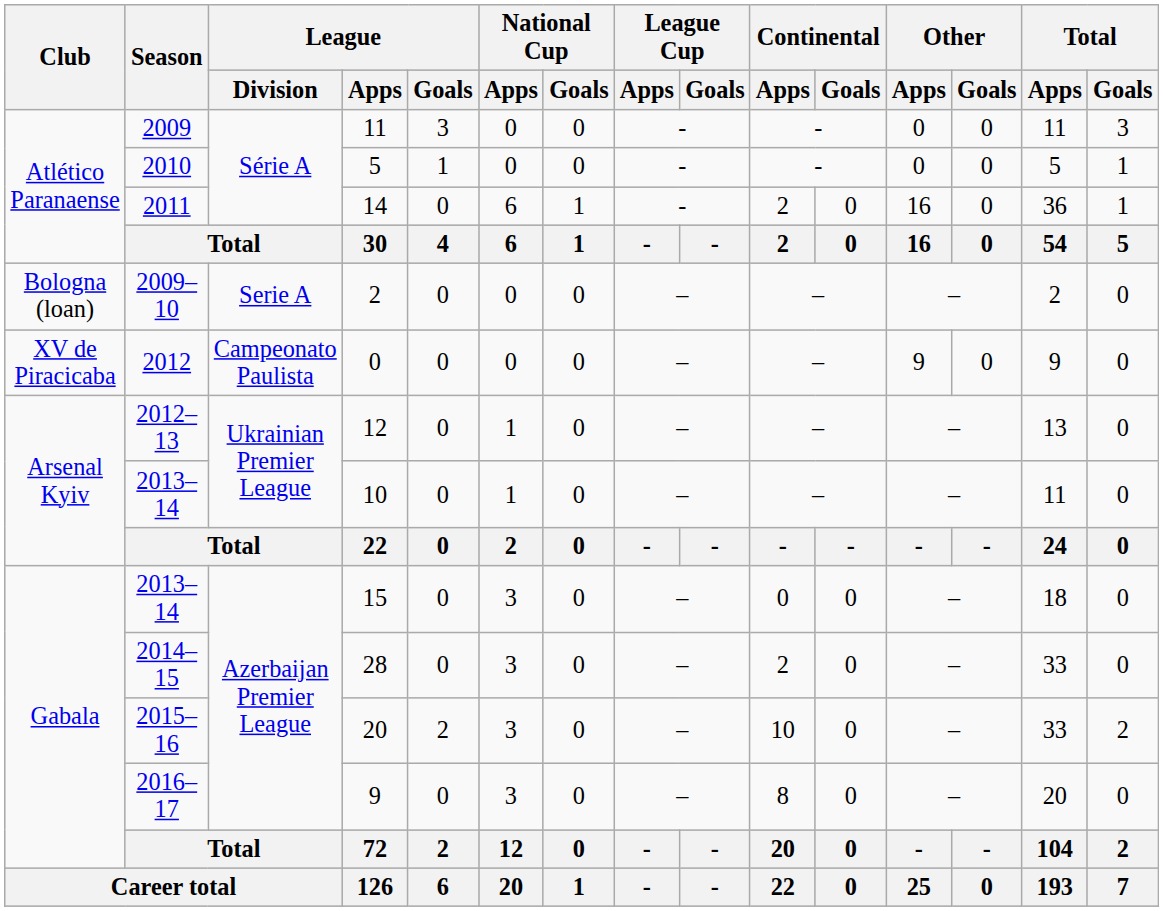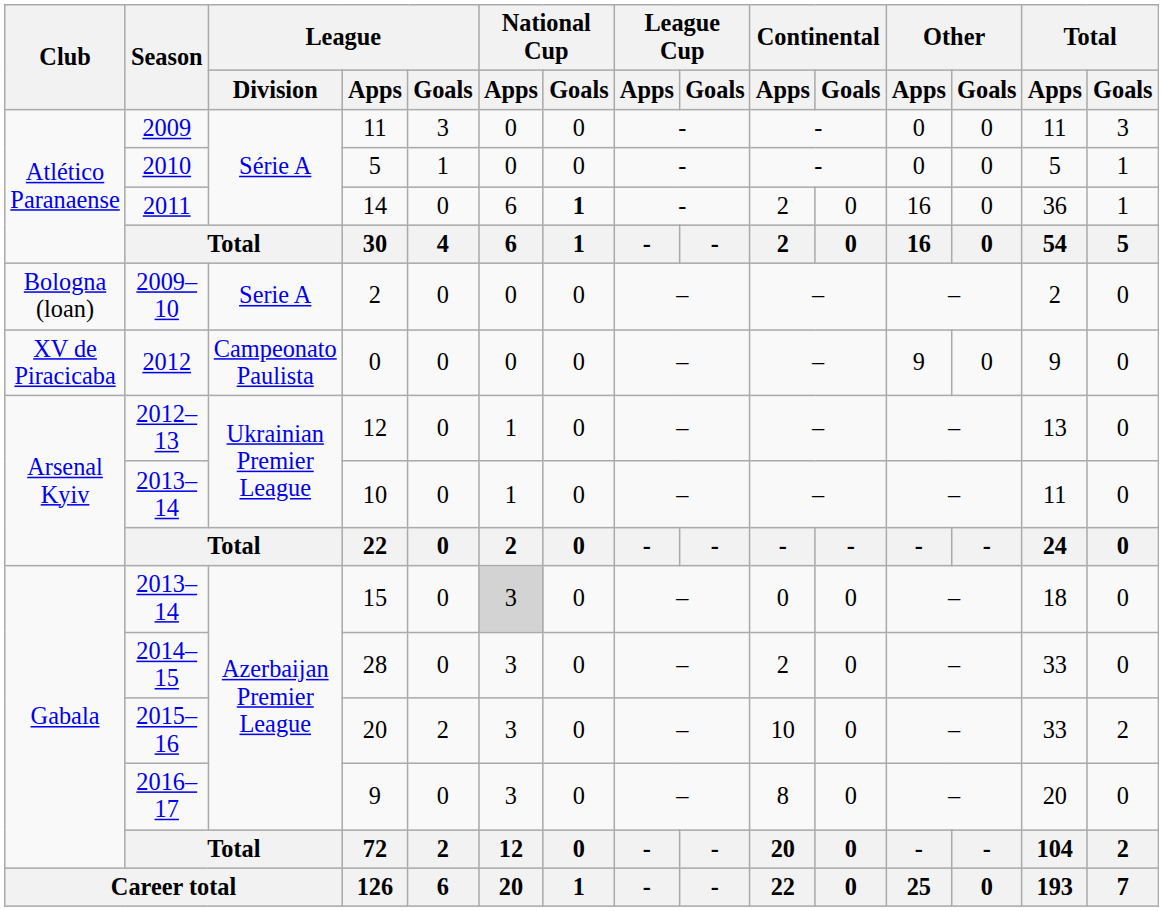 <table class="wikitable" style="text-align: center;">
 <tr>
 <th rowspan="2">Club</th>
 <th rowspan="2">Season</th>
 <th colspan="3">League</th>
 <th colspan="2">National Cup</th>
 <th colspan="2">League Cup</th>
 <th colspan="2">Continental</th>
 <th colspan="2">Other</th>
 <th colspan="2">Total</th>
 </tr>
 <tr>
 <th>Division</th>
 <th>Apps</th>
 <th>Goals</th>
 <th>Apps</th>
 <th>Goals</th>
 <th>Apps</th>
 <th>Goals</th>
 <th>Apps</th>
 <th>Goals</th>
 <th>Apps</th>
 <th>Goals</th>
 <th>Apps</th>
 <th>Goals</th>
 </tr>
 <tr>
 <td rowspan="4" valign="center"><a href='#'>Atlético Paranaense</a></td>
 <td><a href='#'>2009</a></td>
 <td rowspan="3" valign="center"><a href='#'>Série A</a></td>
 <td>11</td>
 <td>3</td>
 <td>0</td>
 <td>0</td>
 <td colspan="2">-</td>
 <td colspan="2">-</td>
 <td>0</td>
 <td>0</td>
 <td>11</td>
 <td>3</td>
 </tr>
 <tr>
 <td><a href='#'>2010</a></td>
 <td>5</td>
 <td>1</td>
 <td>0</td>
 <td>0</td>
 <td colspan="2">-</td>
 <td colspan="2">-</td>
 <td>0</td>
 <td>0</td>
 <td>5</td>
 <td>1</td>
 </tr>
 <tr>
 <td><a href='#'>2011</a></td>
 <td>14</td>
 <td>0</td>
 <td>6</td>
-<td>1</td>
+<td><strong>1</strong></td>
 <td colspan="2">-</td>
 <td>2</td>
 <td>0</td>
 <td>16</td>
 <td>0</td>
 <td>36</td>
 <td>1</td>
 </tr>
 <tr>
 <th colspan="2">Total</th>
 <th>30</th>
 <th>4</th>
 <th>6</th>
 <th>1</th>
 <th>-</th>
 <th>-</th>
 <th>2</th>
 <th>0</th>
 <th>16</th>
 <th>0</th>
 <th>54</th>
 <th>5</th>
 </tr>
 <tr>
 <td valign="center"><a href='#'>Bologna</a> (loan)</td>
 <td><a href='#'>2009–10</a></td>
 <td><a href='#'>Serie A</a></td>
 <td>2</td>
 <td>0</td>
 <td>0</td>
 <td>0</td>
 <td colspan="2">–</td>
 <td colspan="2">–</td>
 <td colspan="2">–</td>
 <td>2</td>
 <td>0</td>
 </tr>
 <tr>
 <td valign="center"><a href='#'>XV de Piracicaba</a></td>
 <td><a href='#'>2012</a></td>
 <td><a href='#'>Campeonato Paulista</a></td>
 <td>0</td>
 <td>0</td>
 <td>0</td>
 <td>0</td>
 <td colspan="2">–</td>
 <td colspan="2">–</td>
 <td>9</td>
 <td>0</td>
 <td>9</td>
 <td>0</td>
 </tr>
 <tr>
 <td rowspan="3" valign="center"><a href='#'>Arsenal Kyiv</a></td>
 <td><a href='#'>2012–13</a></td>
 <td rowspan="2" valign="center"><a href='#'>Ukrainian Premier League</a></td>
 <td>12</td>
 <td>0</td>
 <td>1</td>
 <td>0</td>
 <td colspan="2">–</td>
 <td colspan="2">–</td>
 <td colspan="2">–</td>
 <td>13</td>
 <td>0</td>
 </tr>
 <tr>
 <td><a href='#'>2013–14</a></td>
 <td>10</td>
 <td>0</td>
 <td>1</td>
 <td>0</td>
 <td colspan="2">–</td>
 <td colspan="2">–</td>
 <td colspan="2">–</td>
 <td>11</td>
 <td>0</td>
 </tr>
 <tr>
 <th colspan="2">Total</th>
 <th>22</th>
 <th>0</th>
 <th>2</th>
 <th>0</th>
 <th>-</th>
 <th>-</th>
 <th>-</th>
 <th>-</th>
 <th>-</th>
 <th>-</th>
 <th>24</th>
 <th>0</th>
 </tr>
 <tr>
 <td rowspan="5" valign="center"><a href='#'>Gabala</a></td>
 <td><a href='#'>2013–14</a></td>
 <td rowspan="4" valign="center"><a href='#'>Azerbaijan Premier League</a></td>
 <td>15</td>
 <td>0</td>
-<td>3</td>
+<td style="background: lightgrey;">3</td>
 <td>0</td>
 <td colspan="2">–</td>
 <td>0</td>
 <td>0</td>
 <td colspan="2">–</td>
 <td>18</td>
 <td>0</td>
 </tr>
 <tr>
 <td><a href='#'>2014–15</a></td>
 <td>28</td>
 <td>0</td>
 <td>3</td>
 <td>0</td>
 <td colspan="2">–</td>
 <td>2</td>
 <td>0</td>
 <td colspan="2">–</td>
 <td>33</td>
 <td>0</td>
 </tr>
 <tr>
 <td><a href='#'>2015–16</a></td>
 <td>20</td>
 <td>2</td>
 <td>3</td>
 <td>0</td>
 <td colspan="2">–</td>
 <td>10</td>
 <td>0</td>
 <td colspan="2">–</td>
 <td>33</td>
 <td>2</td>
 </tr>
 <tr>
 <td><a href='#'>2016–17</a></td>
 <td>9</td>
 <td>0</td>
 <td>3</td>
 <td>0</td>
 <td colspan="2">–</td>
 <td>8</td>
 <td>0</td>
 <td colspan="2">–</td>
 <td>20</td>
 <td>0</td>
 </tr>
 <tr>
 <th colspan="2">Total</th>
 <th>72</th>
 <th>2</th>
 <th>12</th>
 <th>0</th>
 <th>-</th>
 <th>-</th>
 <th>20</th>
 <th>0</th>
 <th>-</th>
 <th>-</th>
 <th>104</th>
 <th>2</th>
 </tr>
 <tr>
 <th colspan="3">Career total</th>
 <th>126</th>
 <th>6</th>
 <th>20</th>
 <th>1</th>
 <th>-</th>
 <th>-</th>
 <th>22</th>
 <th>0</th>
 <th>25</th>
 <th>0</th>
 <th>193</th>
 <th>7</th>
 </tr>
 </table>
